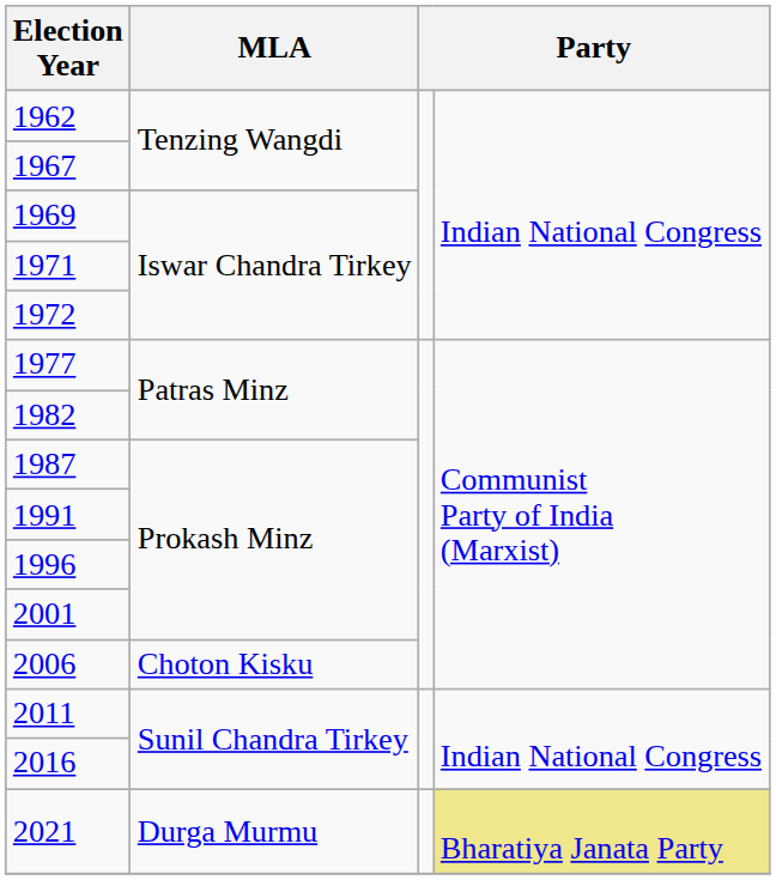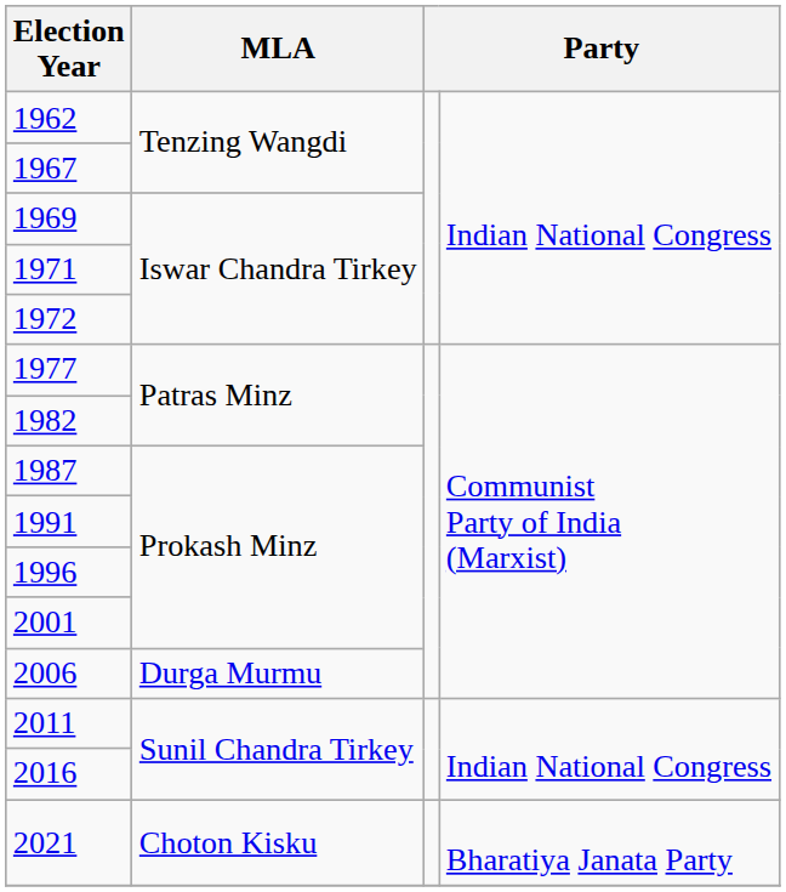 <table class="wikitable sortable">
 <tr>
 <th>Election<br> Year</th>
 <th>MLA</th>
 <th colspan="2">Party</th>
 </tr>
 <tr>
 <td><a href='#'>1962</a></td>
 <td rowspan="2">Tenzing Wangdi</td>
 <td rowspan="5" style="background-color: "></td>
 <td rowspan="5"><br><a href='#'>Indian</a> <a href='#'>National</a> <a href='#'>Congress</a></td>
 </tr>
 <tr>
 <td><a href='#'>1967</a></td>
 </tr>
 <tr>
 <td><a href='#'>1969</a></td>
 <td rowspan="3">Iswar Chandra Tirkey</td>
 </tr>
 <tr>
 <td><a href='#'>1971</a></td>
 </tr>
 <tr>
 <td><a href='#'>1972</a></td>
 </tr>
 <tr>
 <td><a href='#'>1977</a></td>
 <td rowspan="2">Patras Minz</td>
 <td rowspan="7" style="background-color: "></td>
 <td rowspan="7"><a href='#'>Communist</a><br><a href='#'>Party of India</a><br><a href='#'>(Marxist)</a></td>
 </tr>
 <tr>
 <td><a href='#'>1982</a></td>
 </tr>
 <tr>
 <td><a href='#'>1987</a></td>
 <td rowspan="4">Prokash Minz</td>
 </tr>
 <tr>
 <td><a href='#'>1991</a></td>
 </tr>
 <tr>
 <td><a href='#'>1996</a></td>
 </tr>
 <tr>
 <td><a href='#'>2001</a></td>
 </tr>
 <tr>
 <td><a href='#'>2006</a></td>
-<td><a href='#'>Choton Kisku</a></td>
+<td><a href='#'>Durga Murmu</a></td>
 </tr>
 <tr>
 <td><a href='#'>2011</a></td>
 <td rowspan="2"><a href='#'>Sunil Chandra Tirkey</a></td>
 <td rowspan="2" style="background-color: "></td>
 <td rowspan="2"><br><a href='#'>Indian</a> <a href='#'>National</a>  <a href='#'>Congress</a></td>
 </tr>
 <tr>
 <td><a href='#'>2016</a></td>
 </tr>
 <tr>
 <td><a href='#'>2021</a></td>
-<td><a href='#'>Durga Murmu</a></td>
+<td><a href='#'>Choton Kisku</a></td>
 <td style="background-color: "></td>
-<td style="background: khaki;"><br><a href='#'>Bharatiya</a>  <a href='#'>Janata</a>  <a href='#'>Party</a></td>
+<td><br><a href='#'>Bharatiya</a>  <a href='#'>Janata</a>  <a href='#'>Party</a></td>
 </tr>
 <tr>
 </tr>
 </table>
